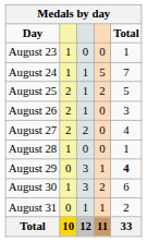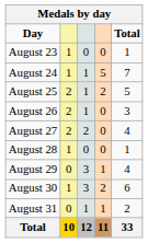 <table class="wikitable" style="font-size:85%; float:right">
 <tr align=center>
 <th colspan=7><strong>Medals by day</strong></th>
 </tr>
 <tr align=center>
 <td><strong>Day</strong></td>
 <td style="background:#f7f6a8;"></td>
 <td style="background:#dce5e5;"></td>
 <td style="background:#ffdab9;"></td>
 <td><strong>Total</strong></td>
 </tr>
 <tr align=center>
 <td>August 23</td>
 <td style="background:#f7f6a8;">1</td>
 <td style="background:#dce5e5;">0</td>
 <td style="background:#ffdab9;">0</td>
 <td>1</td>
 </tr>
 <tr align=center>
 <td>August 24</td>
 <td style="background:#f7f6a8;">1</td>
 <td style="background:#dce5e5;">1</td>
 <td style="background:#ffdab9;">5</td>
 <td>7</td>
 </tr>
 <tr align=center>
 <td>August 25</td>
 <td style="background:#f7f6a8;">2</td>
 <td style="background:#dce5e5;">1</td>
 <td style="background:#ffdab9;">2</td>
 <td>5</td>
 </tr>
 <tr align=center>
 <td>August 26</td>
 <td style="background:#f7f6a8;">2</td>
 <td style="background:#dce5e5;">1</td>
 <td style="background:#ffdab9;">0</td>
 <td>3</td>
 </tr>
 <tr align=center>
 <td>August 27</td>
 <td style="background:#f7f6a8;">2</td>
 <td style="background:#dce5e5;">2</td>
 <td style="background:#ffdab9;">0</td>
 <td>4</td>
 </tr>
 <tr align=center>
 <td>August 28</td>
 <td style="background:#f7f6a8;">1</td>
 <td style="background:#dce5e5;">0</td>
 <td style="background:#ffdab9;">0</td>
 <td>1</td>
 </tr>
 <tr align=center>
 <td>August 29</td>
 <td style="background:#f7f6a8;">0</td>
 <td style="background:#dce5e5;">3</td>
 <td style="background:#ffdab9;">1</td>
-<td><strong>4</strong></td>
+<td>4</td>
 </tr>
 <tr align=center>
 <td>August 30</td>
 <td style="background:#f7f6a8;">1</td>
 <td style="background:#dce5e5;">3</td>
 <td style="background:#ffdab9;">2</td>
 <td>6</td>
 </tr>
 <tr align=center>
 <td>August 31</td>
 <td style="background:#f7f6a8;">0</td>
 <td style="background:#dce5e5;">1</td>
 <td style="background:#ffdab9;">1</td>
 <td>2</td>
 </tr>
 <tr align=center>
 <th><strong>Total</strong></th>
 <th style="background:gold;"><strong>10</strong></th>
 <th style="background:silver;"><strong>12</strong></th>
 <th style="background:#c96;"><strong>11</strong></th>
 <th><strong>33</strong></th>
 </tr>
 </table>
